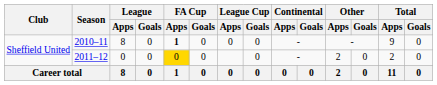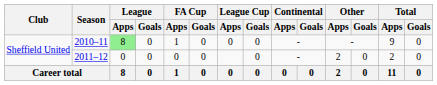 <table class="wikitable" style="text-align: center;">
 <tr>
 <th rowspan=2>Club</th>
 <th rowspan=2>Season</th>
 <th colspan=2>League</th>
 <th colspan=2>FA Cup</th>
 <th colspan=2>League Cup</th>
 <th colspan=2>Continental</th>
 <th colspan=2>Other</th>
 <th colspan=2>Total</th>
 </tr>
 <tr>
 <th>Apps</th>
 <th>Goals</th>
 <th>Apps</th>
 <th>Goals</th>
 <th>Apps</th>
 <th>Goals</th>
 <th>Apps</th>
 <th>Goals</th>
 <th>Apps</th>
 <th>Goals</th>
 <th>Apps</th>
 <th>Goals</th>
 </tr>
 <tr>
 <td rowspan=2><a href='#'>Sheffield United</a></td>
 <td><a href='#'>2010–11</a></td>
-<td>8</td>
+<td style="background: lightgreen;">8</td>
 <td>0</td>
-<td><strong>1</strong></td>
+<td>1</td>
 <td>0</td>
 <td>0</td>
 <td>0</td>
 <td colspan=2>-</td>
 <td colspan=2>-</td>
 <td>9</td>
 <td>0</td>
 </tr>
 <tr>
 <td><a href='#'>2011–12</a></td>
 <td>0</td>
 <td>0</td>
-<td style="background: gold;">0</td>
+<td>0</td>
 <td>0</td>
 <td></td>
 <td>0</td>
 <td colspan=2>-</td>
 <td>2</td>
 <td>0</td>
 <td>2</td>
 <td>0</td>
 </tr>
 <tr>
 <th colspan=2>Career total</th>
 <th>8</th>
 <th>0</th>
 <th>1</th>
 <th>0</th>
 <th>0</th>
 <th>0</th>
 <th>0</th>
 <th>0</th>
 <th>2</th>
 <th>0</th>
 <th>11</th>
 <th>0</th>
 </tr>
 </table>
